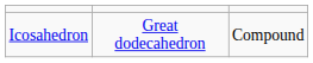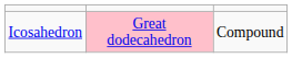 <table class=wikitable width=300>
 <tr>
 <td></td>
 <td></td>
 <td></td>
 </tr>
 <tr align=center>
 <td><a href='#'>Icosahedron</a></td>
-<td><a href='#'>Great dodecahedron</a></td>
+<td style="background: pink;"><a href='#'>Great dodecahedron</a></td>
 <td>Compound</td>
 </tr>
 </table>
